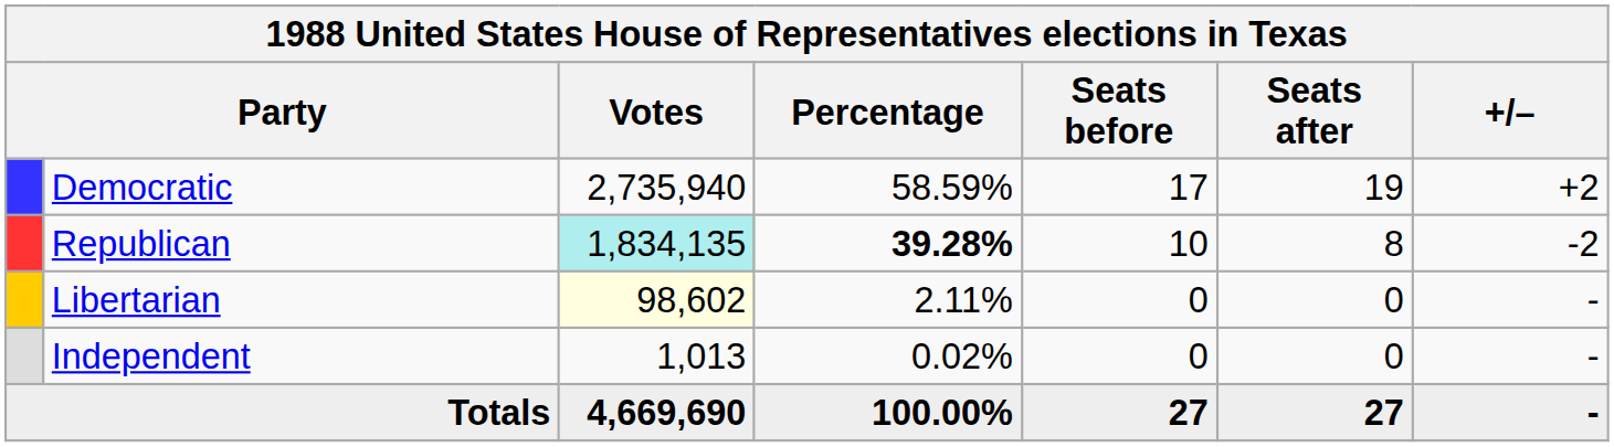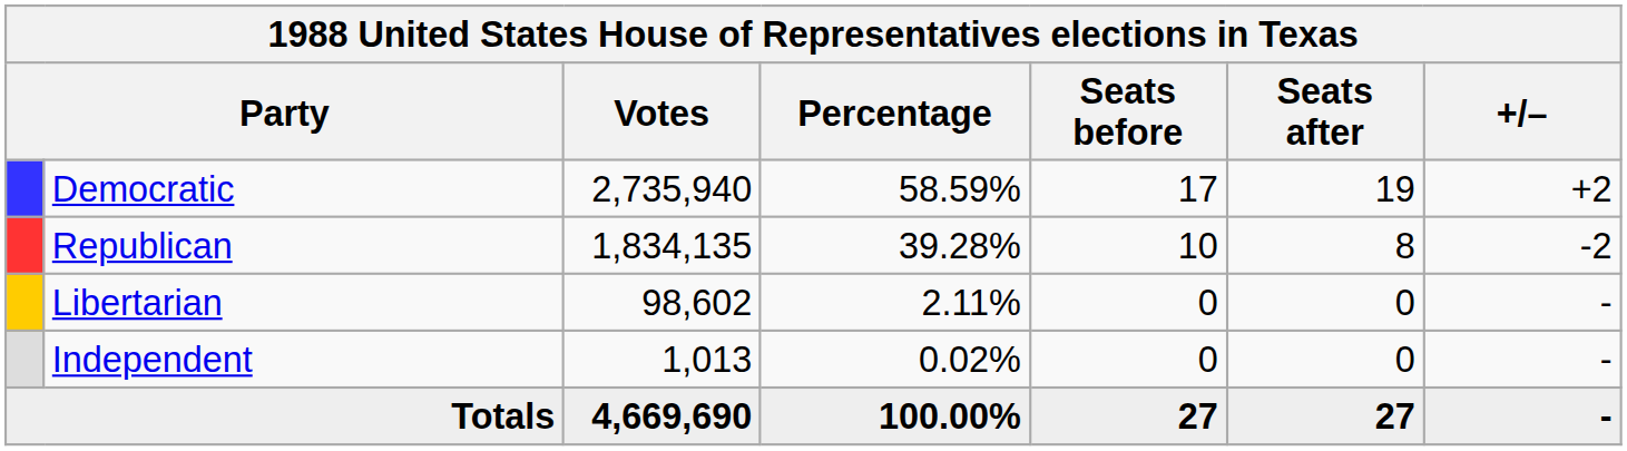 <table class="wikitable" style="font-size: 95%;">
 <tr>
 <th colspan="7">1988 United States House of Representatives elections in Texas</th>
 </tr>
 <tr>
 <th colspan="2" style="width: 15em">Party</th>
 <th style="width: 5em">Votes</th>
 <th style="width: 7em">Percentage</th>
 <th style="width: 5em">Seats before</th>
 <th style="width: 5em">Seats after</th>
 <th style="width: 5em">+/–</th>
 </tr>
 <tr>
 <th style="background-color:#3333FF; width: 3px"></th>
 <td style="width: 130px"><a href='#'>Democratic</a></td>
 <td align="right">2,735,940</td>
 <td align="right">58.59%</td>
 <td align="right">17</td>
 <td align="right">19</td>
 <td align="right">+2</td>
 </tr>
 <tr>
 <th style="background-color:#FF3333; width: 3px"></th>
 <td style="width: 130px"><a href='#'>Republican</a></td>
-<td align="right" style="background: paleturquoise;">1,834,135</td>
-<td align="right"><strong>39.28%</strong></td>
+<td align="right">1,834,135</td>
+<td align="right">39.28%</td>
 <td align="right">10</td>
 <td align="right">8</td>
 <td align="right">-2</td>
 </tr>
 <tr>
 <th style="background-color:#FFCC00; width: 3px"></th>
 <td style="width: 130px"><a href='#'>Libertarian</a></td>
-<td align="right" style="background: lightyellow;">98,602</td>
+<td align="right">98,602</td>
 <td align="right">2.11%</td>
 <td align="right">0</td>
 <td align="right">0</td>
 <td align="right">-</td>
 </tr>
 <tr>
 <th style="background-color:#DDDDDD; width: 3px"></th>
 <td style="width: 130px"><a href='#'>Independent</a></td>
 <td align="right">1,013</td>
 <td align="right">0.02%</td>
 <td align="right">0</td>
 <td align="right">0</td>
 <td align="right">-</td>
 </tr>
 <tr bgcolor="#EEEEEE">
 <td colspan="2" align="right"><strong>Totals</strong></td>
 <td align="right"><strong>4,669,690</strong></td>
 <td align="right"><strong>100.00%</strong></td>
 <td align="right"><strong>27</strong></td>
 <td align="right"><strong>27</strong></td>
 <td align="right"><strong>-</strong></td>
 </tr>
 </table>
